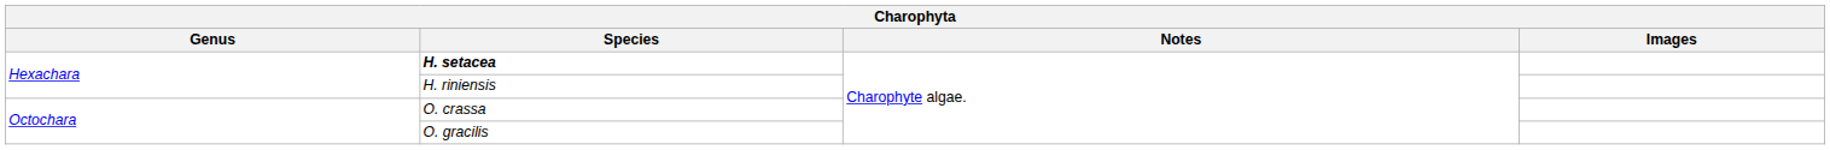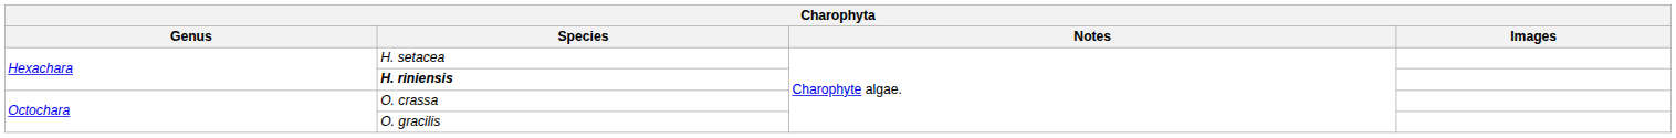 <table class="wikitable sortable" style="background:white; width:100%;">
 <tr>
 <th colspan="4" align="center">Charophyta</th>
 </tr>
 <tr>
 <th>Genus</th>
 <th>Species</th>
 <th>Notes</th>
 <th>Images</th>
 </tr>
 <tr>
 <td rowspan="2"><em><a href='#'>Hexachara</a></em></td>
-<td><strong><em>H. setacea</em></strong></td>
+<td><em>H. setacea</em></td>
 <td rowspan="4"><a href='#'>Charophyte</a> algae.</td>
 <td></td>
 </tr>
 <tr>
-<td><em>H. riniensis</em></td>
+<td><strong><em>H. riniensis</em></strong></td>
 <td></td>
 </tr>
 <tr>
 <td rowspan="2"><em><a href='#'>Octochara</a></em></td>
 <td><em>O. crassa</em></td>
 <td></td>
 </tr>
 <tr>
 <td><em>O. gracilis</em></td>
 <td></td>
 </tr>
 </table>
